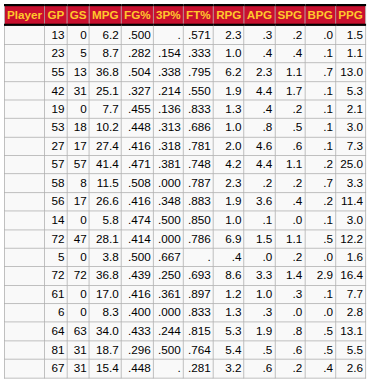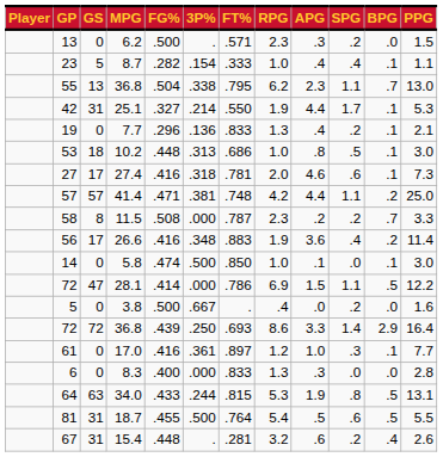 <table class="wikitable sortable" style="text-align:right;">
 <tr>
 <th style="background:#C8102E; color:#FFC72C; border-top:#010101 3px solid; border-bottom:#010101 3px solid;">Player</th>
 <th style="background:#C8102E; color:#FFC72C; border-top:#010101 3px solid; border-bottom:#010101 3px solid;">GP</th>
 <th style="background:#C8102E; color:#FFC72C; border-top:#010101 3px solid; border-bottom:#010101 3px solid;">GS</th>
 <th style="background:#C8102E; color:#FFC72C; border-top:#010101 3px solid; border-bottom:#010101 3px solid;">MPG</th>
 <th style="background:#C8102E; color:#FFC72C; border-top:#010101 3px solid; border-bottom:#010101 3px solid;">FG%</th>
 <th style="background:#C8102E; color:#FFC72C; border-top:#010101 3px solid; border-bottom:#010101 3px solid;">3P%</th>
 <th style="background:#C8102E; color:#FFC72C; border-top:#010101 3px solid; border-bottom:#010101 3px solid;">FT%</th>
 <th style="background:#C8102E; color:#FFC72C; border-top:#010101 3px solid; border-bottom:#010101 3px solid;">RPG</th>
 <th style="background:#C8102E; color:#FFC72C; border-top:#010101 3px solid; border-bottom:#010101 3px solid;">APG</th>
 <th style="background:#C8102E; color:#FFC72C; border-top:#010101 3px solid; border-bottom:#010101 3px solid;">SPG</th>
 <th style="background:#C8102E; color:#FFC72C; border-top:#010101 3px solid; border-bottom:#010101 3px solid;">BPG</th>
 <th style="background:#C8102E; color:#FFC72C; border-top:#010101 3px solid; border-bottom:#010101 3px solid;">PPG</th>
 </tr>
 <tr>
 <td></td>
 <td>13</td>
 <td>0</td>
 <td>6.2</td>
 <td>.500</td>
 <td>.</td>
 <td>.571</td>
 <td>2.3</td>
 <td>.3</td>
 <td>.2</td>
 <td>.0</td>
 <td>1.5</td>
 </tr>
 <tr>
 <td></td>
 <td>23</td>
 <td>5</td>
 <td>8.7</td>
 <td>.282</td>
 <td>.154</td>
 <td>.333</td>
 <td>1.0</td>
 <td>.4</td>
 <td>.4</td>
 <td>.1</td>
 <td>1.1</td>
 </tr>
 <tr>
 <td></td>
 <td>55</td>
 <td>13</td>
 <td>36.8</td>
 <td>.504</td>
 <td>.338</td>
 <td>.795</td>
 <td>6.2</td>
 <td>2.3</td>
 <td>1.1</td>
 <td>.7</td>
 <td>13.0</td>
 </tr>
 <tr>
 <td></td>
 <td>42</td>
 <td>31</td>
 <td>25.1</td>
 <td>.327</td>
 <td>.214</td>
 <td>.550</td>
 <td>1.9</td>
 <td>4.4</td>
 <td>1.7</td>
 <td>.1</td>
 <td>5.3</td>
 </tr>
 <tr>
 <td></td>
 <td>19</td>
 <td>0</td>
 <td>7.7</td>
-<td>.455</td>
+<td>.296</td>
 <td>.136</td>
 <td>.833</td>
 <td>1.3</td>
 <td>.4</td>
 <td>.2</td>
 <td>.1</td>
 <td>2.1</td>
 </tr>
 <tr>
 <td></td>
 <td>53</td>
 <td>18</td>
 <td>10.2</td>
 <td>.448</td>
 <td>.313</td>
 <td>.686</td>
 <td>1.0</td>
 <td>.8</td>
 <td>.5</td>
 <td>.1</td>
 <td>3.0</td>
 </tr>
 <tr>
 <td></td>
 <td>27</td>
 <td>17</td>
 <td>27.4</td>
 <td>.416</td>
 <td>.318</td>
 <td>.781</td>
 <td>2.0</td>
 <td>4.6</td>
 <td>.6</td>
 <td>.1</td>
 <td>7.3</td>
 </tr>
 <tr>
 <td></td>
 <td>57</td>
 <td>57</td>
 <td>41.4</td>
 <td>.471</td>
 <td>.381</td>
 <td>.748</td>
 <td>4.2</td>
 <td>4.4</td>
 <td>1.1</td>
 <td>.2</td>
 <td>25.0</td>
 </tr>
 <tr>
 <td></td>
 <td>58</td>
 <td>8</td>
 <td>11.5</td>
 <td>.508</td>
 <td>.000</td>
 <td>.787</td>
 <td>2.3</td>
 <td>.2</td>
 <td>.2</td>
 <td>.7</td>
 <td>3.3</td>
 </tr>
 <tr>
 <td></td>
 <td>56</td>
 <td>17</td>
 <td>26.6</td>
 <td>.416</td>
 <td>.348</td>
 <td>.883</td>
 <td>1.9</td>
 <td>3.6</td>
 <td>.4</td>
 <td>.2</td>
 <td>11.4</td>
 </tr>
 <tr>
 <td></td>
 <td>14</td>
 <td>0</td>
 <td>5.8</td>
 <td>.474</td>
 <td>.500</td>
 <td>.850</td>
 <td>1.0</td>
 <td>.1</td>
 <td>.0</td>
 <td>.1</td>
 <td>3.0</td>
 </tr>
 <tr>
 <td></td>
 <td>72</td>
 <td>47</td>
 <td>28.1</td>
 <td>.414</td>
 <td>.000</td>
 <td>.786</td>
 <td>6.9</td>
 <td>1.5</td>
 <td>1.1</td>
 <td>.5</td>
 <td>12.2</td>
 </tr>
 <tr>
 <td></td>
 <td>5</td>
 <td>0</td>
 <td>3.8</td>
 <td>.500</td>
 <td>.667</td>
 <td>.</td>
 <td>.4</td>
 <td>.0</td>
 <td>.2</td>
 <td>.0</td>
 <td>1.6</td>
 </tr>
 <tr>
 <td></td>
 <td>72</td>
 <td>72</td>
 <td>36.8</td>
 <td>.439</td>
 <td>.250</td>
 <td>.693</td>
 <td>8.6</td>
 <td>3.3</td>
 <td>1.4</td>
 <td>2.9</td>
 <td>16.4</td>
 </tr>
 <tr>
 <td></td>
 <td>61</td>
 <td>0</td>
 <td>17.0</td>
 <td>.416</td>
 <td>.361</td>
 <td>.897</td>
 <td>1.2</td>
 <td>1.0</td>
 <td>.3</td>
 <td>.1</td>
 <td>7.7</td>
 </tr>
 <tr>
 <td></td>
 <td>6</td>
 <td>0</td>
 <td>8.3</td>
 <td>.400</td>
 <td>.000</td>
 <td>.833</td>
 <td>1.3</td>
 <td>.3</td>
 <td>.0</td>
 <td>.0</td>
 <td>2.8</td>
 </tr>
 <tr>
 <td></td>
 <td>64</td>
 <td>63</td>
 <td>34.0</td>
 <td>.433</td>
 <td>.244</td>
 <td>.815</td>
 <td>5.3</td>
 <td>1.9</td>
 <td>.8</td>
 <td>.5</td>
 <td>13.1</td>
 </tr>
 <tr>
 <td></td>
 <td>81</td>
 <td>31</td>
 <td>18.7</td>
-<td>.296</td>
+<td>.455</td>
 <td>.500</td>
 <td>.764</td>
 <td>5.4</td>
 <td>.5</td>
 <td>.6</td>
 <td>.5</td>
 <td>5.5</td>
 </tr>
 <tr>
 <td></td>
 <td>67</td>
 <td>31</td>
 <td>15.4</td>
 <td>.448</td>
 <td>.</td>
 <td>.281</td>
 <td>3.2</td>
 <td>.6</td>
 <td>.2</td>
 <td>.4</td>
 <td>2.6</td>
 </tr>
 </table>
